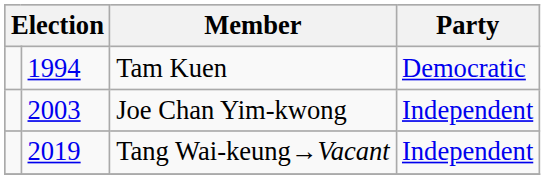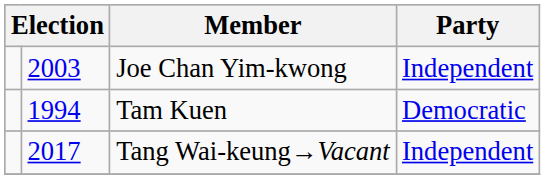 <table class="wikitable">
 <tr>
 <th colspan="2">Election</th>
 <th>Member</th>
 <th>Party</th>
+</tr>
+<tr>
+<td style="background-color:"></td>
+<td><a href='#'>2003</a></td>
+<td>Joe Chan Yim-kwong</td>
+<td><a href='#'>Independent</a></td>
 </tr>
 <tr>
 <td style="background-color:"></td>
 <td><a href='#'>1994</a></td>
 <td>Tam Kuen</td>
 <td><a href='#'>Democratic</a></td>
 </tr>
 <tr>
 <td style="background-color:"></td>
-<td><a href='#'>2003</a></td>
-<td>Joe Chan Yim-kwong</td>
-<td><a href='#'>Independent</a></td>
-</tr>
-<tr>
-<td style="background-color:"></td>
-<td><a href='#'>2019</a></td>
+<td><a href='#'>2017</a></td>
 <td>Tang Wai-keung→<em>Vacant</em></td>
 <td><a href='#'>Independent</a></td>
 </tr>
 <tr>
 </tr>
 </table>
